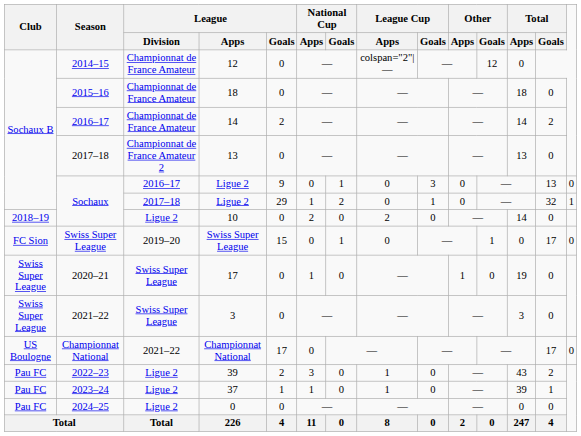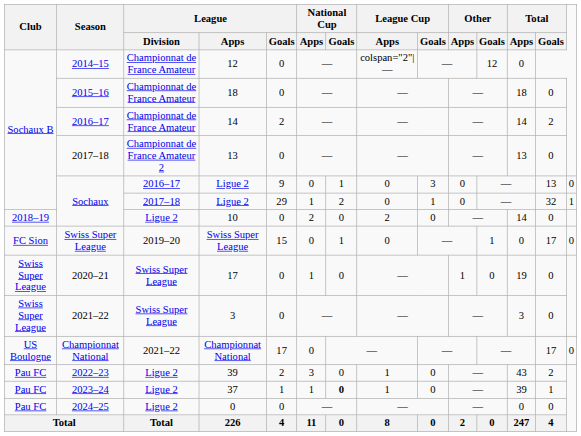 <table class="wikitable" style="text-align: center">
 <tr>
 <th rowspan=2>Club</th>
 <th rowspan=2>Season</th>
 <th colspan=3>League</th>
 <th colspan=2>National Cup</th>
 <th colspan=2>League Cup</th>
 <th colspan=2>Other</th>
 <th colspan=2>Total</th>
 </tr>
 <tr>
 <th>Division</th>
 <th>Apps</th>
 <th>Goals</th>
 <th>Apps</th>
 <th>Goals</th>
 <th>Apps</th>
 <th>Goals</th>
 <th>Apps</th>
 <th>Goals</th>
 <th>Apps</th>
 <th>Goals</th>
 </tr>
 <tr>
 <td rowspan="6"><a href='#'>Sochaux B</a></td>
 <td><a href='#'>2014–15</a></td>
 <td><a href='#'>Championnat de France Amateur</a></td>
 <td>12</td>
 <td>0</td>
 <td colspan="2">—</td>
 <td>colspan="2"|—</td>
 <td colspan="2">—</td>
 <td>12</td>
 <td>0</td>
 </tr>
 <tr>
 <td><a href='#'>2015–16</a></td>
 <td><a href='#'>Championnat de France Amateur</a></td>
 <td>18</td>
 <td>0</td>
 <td colspan="2">—</td>
 <td colspan="2">—</td>
 <td colspan="2">—</td>
 <td>18</td>
 <td>0</td>
 </tr>
 <tr>
 <td><a href='#'>2016–17</a></td>
 <td><a href='#'>Championnat de France Amateur</a></td>
 <td>14</td>
 <td>2</td>
 <td colspan="2">—</td>
 <td colspan="2">—</td>
 <td colspan="2">—</td>
 <td>14</td>
 <td>2</td>
 </tr>
 <tr>
 <td>2017–18</td>
 <td><a href='#'>Championnat de France Amateur 2</a></td>
 <td>13</td>
 <td>0</td>
 <td colspan="2">—</td>
 <td colspan="2">—</td>
 <td colspan="2">—</td>
 <td>13</td>
 <td>0</td>
 </tr>
 <tr>
 <td rowspan="3"><a href='#'>Sochaux</a></td>
 <td><a href='#'>2016–17</a></td>
 <td><a href='#'>Ligue 2</a></td>
 <td>9</td>
 <td>0</td>
 <td>1</td>
 <td>0</td>
 <td>3</td>
 <td>0</td>
 <td colspan="2">—</td>
 <td>13</td>
 <td>0</td>
 </tr>
 <tr>
 <td><a href='#'>2017–18</a></td>
 <td><a href='#'>Ligue 2</a></td>
 <td>29</td>
 <td>1</td>
 <td>2</td>
 <td>0</td>
 <td>1</td>
 <td>0</td>
 <td colspan="2">—</td>
 <td>32</td>
 <td>1</td>
 </tr>
 <tr>
 <td><a href='#'>2018–19</a></td>
 <td><a href='#'>Ligue 2</a></td>
 <td>10</td>
 <td>0</td>
 <td>2</td>
 <td>0</td>
 <td>2</td>
 <td>0</td>
 <td colspan="2">—</td>
 <td>14</td>
 <td>0</td>
 </tr>
 <tr>
 <td><a href='#'>FC Sion</a></td>
 <td><a href='#'>Swiss Super League</a></td>
 <td>2019–20</td>
 <td><a href='#'>Swiss Super League</a></td>
 <td>15</td>
 <td>0</td>
 <td>1</td>
 <td>0</td>
 <td colspan="2">—</td>
 <td>1</td>
 <td>0</td>
 <td>17</td>
 <td>0</td>
 </tr>
 <tr>
 <td><a href='#'>Swiss Super League</a></td>
 <td>2020–21</td>
 <td><a href='#'>Swiss Super League</a></td>
 <td>17</td>
 <td>0</td>
 <td>1</td>
 <td>0</td>
 <td colspan="2">—</td>
 <td>1</td>
 <td>0</td>
 <td>19</td>
 <td>0</td>
 </tr>
 <tr>
 <td><a href='#'>Swiss Super League</a></td>
 <td>2021–22</td>
 <td><a href='#'>Swiss Super League</a></td>
 <td>3</td>
 <td>0</td>
 <td colspan="2">—</td>
 <td colspan="2">—</td>
 <td colspan="2">—</td>
 <td>3</td>
 <td>0</td>
 </tr>
 <tr>
 <td><a href='#'>US Boulogne</a></td>
 <td><a href='#'>Championnat National</a></td>
 <td>2021–22</td>
 <td><a href='#'>Championnat National</a></td>
 <td>17</td>
 <td>0</td>
 <td colspan="2">—</td>
 <td colspan="2">—</td>
 <td colspan="2">—</td>
 <td>17</td>
 <td>0</td>
 </tr>
 <tr>
 <td><a href='#'>Pau FC</a></td>
 <td><a href='#'>2022–23</a></td>
 <td><a href='#'>Ligue 2</a></td>
 <td>39</td>
 <td>2</td>
 <td>3</td>
 <td>0</td>
 <td>1</td>
 <td>0</td>
 <td colspan="2">—</td>
 <td>43</td>
 <td>2</td>
 </tr>
 <tr>
 <td><a href='#'>Pau FC</a></td>
 <td><a href='#'>2023–24</a></td>
 <td><a href='#'>Ligue 2</a></td>
 <td>37</td>
 <td>1</td>
 <td>1</td>
-<td>0</td>
+<td><strong>0</strong></td>
 <td>1</td>
 <td>0</td>
 <td colspan="2">—</td>
 <td>39</td>
 <td>1</td>
 </tr>
 <tr>
 <td><a href='#'>Pau FC</a></td>
 <td><a href='#'>2024–25</a></td>
 <td><a href='#'>Ligue 2</a></td>
 <td>0</td>
 <td>0</td>
 <td colspan="2">—</td>
 <td colspan="2">—</td>
 <td colspan="2">—</td>
 <td>0</td>
 <td>0</td>
 </tr>
 <tr>
 <th colspan="2">Total</th>
 <th>Total</th>
 <th>226</th>
 <th>4</th>
 <th>11</th>
 <th>0</th>
 <th>8</th>
 <th>0</th>
 <th>2</th>
 <th>0</th>
 <th>247</th>
 <th>4</th>
 </tr>
 </table>
